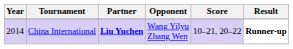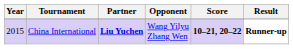 <table class="sortable wikitable" style="font-size: 90%;">
 <tr>
 <th>Year</th>
 <th>Tournament</th>
 <th>Partner</th>
 <th>Opponent</th>
 <th>Score</th>
 <th>Result</th>
 </tr>
 <tr>
 </tr>
 <tr style="background:#D8CEF6">
-<td align="center">2014</td>
+<td align="center">2015</td>
 <td align="left"><a href='#'>China International</a></td>
 <td align="left"><strong> <a href='#'>Liu Yuchen</a></strong></td>
 <td align="left"> <a href='#'>Wang Yilyu</a><br> <a href='#'>Zhang Wen</a></td>
-<td align="left">10–21, 20–22</td>
+<td align="left"><strong>10–21, 20–22</strong></td>
 <td style="text-align:left; background:white"> <strong>Runner-up</strong></td>
 </tr>
 </table>
